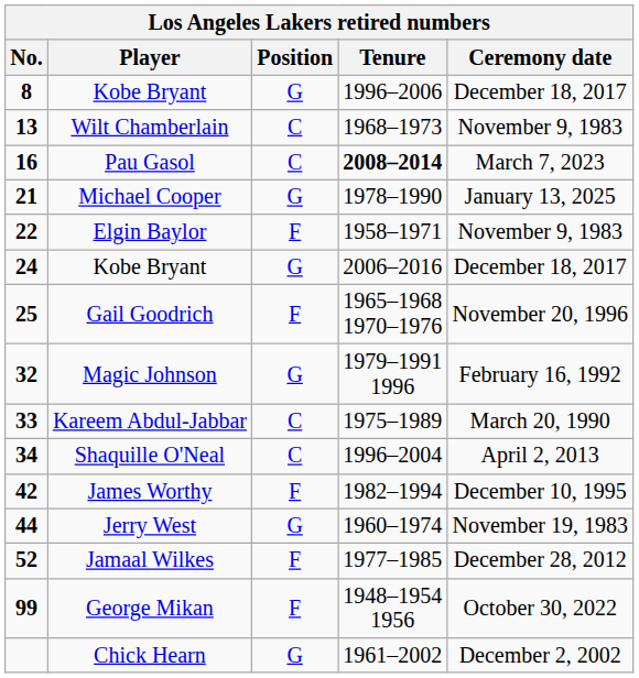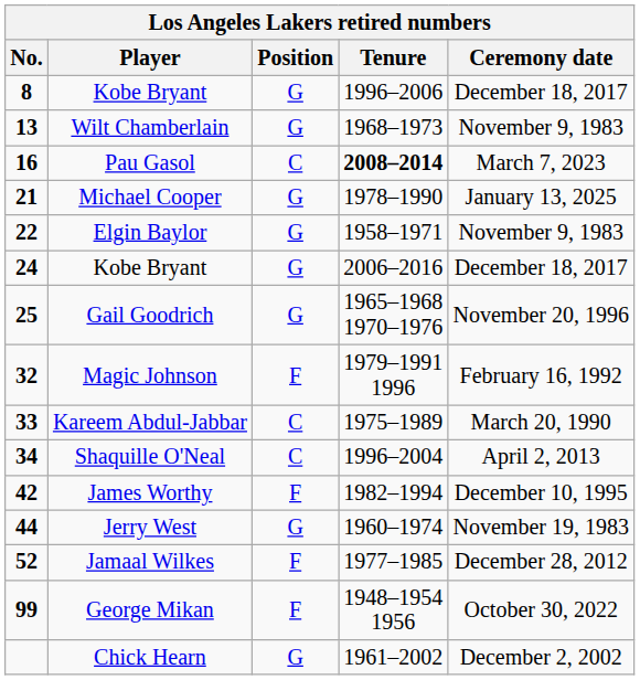 <table class="wikitable sortable" style="text-align:center">
 <tr>
 <th colspan="5">Los Angeles Lakers retired numbers</th>
 </tr>
 <tr>
 <th>No.</th>
 <th>Player</th>
 <th>Position</th>
 <th>Tenure</th>
 <th>Ceremony date</th>
 </tr>
 <tr>
 <td><strong>8</strong></td>
 <td><a href='#'>Kobe Bryant</a></td>
 <td><a href='#'>G</a></td>
 <td>1996–2006</td>
 <td>December 18, 2017</td>
 </tr>
 <tr>
 <td><strong>13</strong></td>
 <td><a href='#'>Wilt Chamberlain</a></td>
-<td><a href='#'>C</a></td>
+<td><a href='#'>G</a></td>
 <td>1968–1973</td>
 <td>November 9, 1983</td>
 </tr>
 <tr>
 <td><strong>16</strong></td>
 <td><a href='#'>Pau Gasol</a></td>
 <td><a href='#'>C</a></td>
 <td><strong>2008–2014</strong></td>
 <td>March 7, 2023</td>
 </tr>
 <tr>
 <td><strong>21</strong></td>
 <td><a href='#'>Michael Cooper</a></td>
 <td><a href='#'>G</a></td>
 <td>1978–1990</td>
 <td>January 13, 2025</td>
 </tr>
 <tr>
 <td><strong>22</strong></td>
 <td><a href='#'>Elgin Baylor</a></td>
-<td><a href='#'>F</a></td>
+<td><a href='#'>G</a></td>
 <td>1958–1971</td>
 <td>November 9, 1983</td>
 </tr>
 <tr>
 <td><strong>24</strong></td>
 <td>Kobe Bryant</td>
 <td><a href='#'>G</a></td>
 <td>2006–2016</td>
 <td>December 18, 2017</td>
 </tr>
 <tr>
 <td><strong>25</strong></td>
 <td><a href='#'>Gail Goodrich</a></td>
-<td><a href='#'>F</a></td>
+<td><a href='#'>G</a></td>
 <td>1965–1968<br>1970–1976</td>
 <td>November 20, 1996</td>
 </tr>
 <tr>
 <td><strong>32</strong></td>
 <td><a href='#'>Magic Johnson</a></td>
-<td><a href='#'>G</a></td>
+<td><a href='#'>F</a></td>
 <td>1979–1991<br>1996</td>
 <td>February 16, 1992</td>
 </tr>
 <tr>
 <td><strong>33</strong></td>
 <td><a href='#'>Kareem Abdul-Jabbar</a></td>
 <td><a href='#'>C</a></td>
 <td>1975–1989</td>
 <td>March 20, 1990</td>
 </tr>
 <tr>
 <td><strong>34</strong></td>
 <td><a href='#'>Shaquille O'Neal</a></td>
 <td><a href='#'>C</a></td>
 <td>1996–2004</td>
 <td>April 2, 2013</td>
 </tr>
 <tr>
 <td><strong>42</strong></td>
 <td><a href='#'>James Worthy</a></td>
 <td><a href='#'>F</a></td>
 <td>1982–1994</td>
 <td>December 10, 1995</td>
 </tr>
 <tr>
 <td><strong>44</strong></td>
 <td><a href='#'>Jerry West</a></td>
 <td><a href='#'>G</a></td>
 <td>1960–1974</td>
 <td>November 19, 1983</td>
 </tr>
 <tr>
 <td><strong>52</strong></td>
 <td><a href='#'>Jamaal Wilkes</a></td>
 <td><a href='#'>F</a></td>
 <td>1977–1985</td>
 <td>December 28, 2012</td>
 </tr>
 <tr>
 <td><strong>99</strong></td>
 <td><a href='#'>George Mikan</a></td>
 <td><a href='#'>F</a></td>
 <td>1948–1954<br>1956</td>
 <td>October 30, 2022</td>
 </tr>
 <tr>
 <td></td>
 <td><a href='#'>Chick Hearn</a></td>
 <td><a href='#'>G</a></td>
 <td>1961–2002</td>
 <td>December 2, 2002</td>
 </tr>
 </table>
